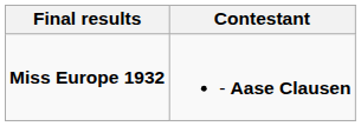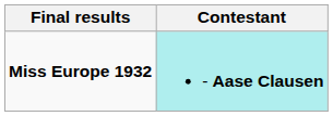 <table class="wikitable">
 <tr>
 <th>Final results</th>
 <th>Contestant</th>
 </tr>
 <tr S>
 <td><strong>Miss Europe 1932</strong></td>
-<td><br><ul><li><strong></strong> - <strong>Aase Clausen</strong></li></ul></td>
+<td style="background: paleturquoise;"><br><ul><li><strong></strong> - <strong>Aase Clausen</strong></li></ul></td>
 </tr>
 </table>
